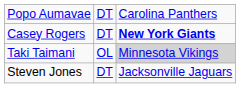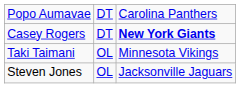 <table class="wikitable">
 <tr>
 <td><a href='#'>Popo Aumavae</a></td>
 <td><a href='#'>DT</a></td>
 <td><a href='#'>Carolina Panthers</a></td>
 </tr>
 <tr>
 <td><a href='#'>Casey Rogers</a></td>
 <td><a href='#'>DT</a></td>
 <td><strong><a href='#'>New York Giants</a></strong></td>
 </tr>
 <tr>
 <td><a href='#'>Taki Taimani</a></td>
 <td><a href='#'>OL</a></td>
-<td style="background: lightgrey;"><a href='#'>Minnesota Vikings</a></td>
+<td><a href='#'>Minnesota Vikings</a></td>
 </tr>
 <tr>
 <td>Steven Jones</td>
-<td><a href='#'>DT</a></td>
+<td><a href='#'>OL</a></td>
 <td><a href='#'>Jacksonville Jaguars</a></td>
 </tr>
 </table>
